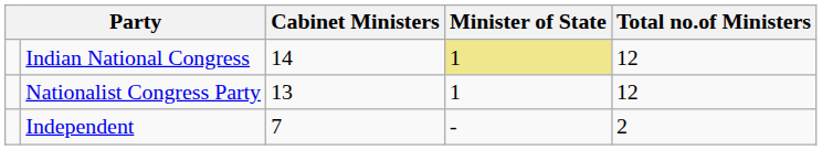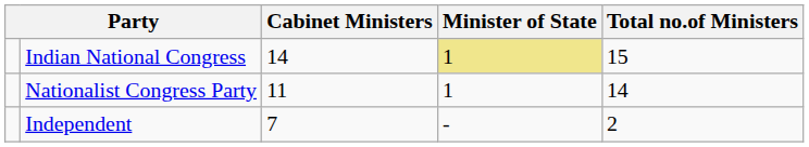 <table class="wikitable">
 <tr>
 <th colspan="2">Party</th>
 <th>Cabinet Ministers</th>
 <th>Minister of State</th>
 <th>Total no.of Ministers</th>
 </tr>
 <tr>
 <td width="4px"></td>
 <td><a href='#'>Indian National Congress</a></td>
 <td>14</td>
 <td style="background: khaki;">1</td>
-<td>12</td>
+<td>15</td>
 </tr>
 <tr>
 <td width="4px"></td>
 <td><a href='#'>Nationalist Congress Party</a></td>
-<td>13</td>
+<td>11</td>
 <td>1</td>
-<td>12</td>
+<td>14</td>
 </tr>
 <tr>
 <td width="4px"></td>
 <td><a href='#'>Independent</a></td>
 <td>7</td>
 <td>-</td>
 <td>2</td>
 </tr>
 </table>
